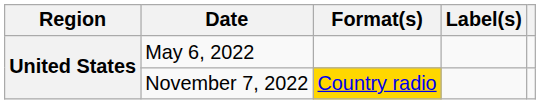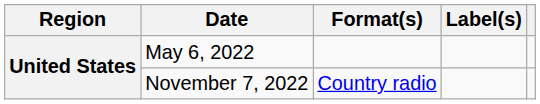 <table class="wikitable plainrowheaders">
 <tr>
 <th scope="col">Region</th>
 <th scope="col">Date</th>
 <th scope="col">Format(s)</th>
 <th scope="col">Label(s)</th>
 <th scope="col"></th>
 </tr>
 <tr>
 <th scope="row" rowspan="2">United States</th>
 <td>May 6, 2022</td>
 <td></td>
 <td></td>
 <td style="text-align:center;"></td>
 </tr>
 <tr>
 <td>November 7, 2022</td>
-<td style="background: gold;"><a href='#'>Country radio</a></td>
+<td><a href='#'>Country radio</a></td>
 <td></td>
 <td style="text-align:center;"></td>
 </tr>
 </table>
